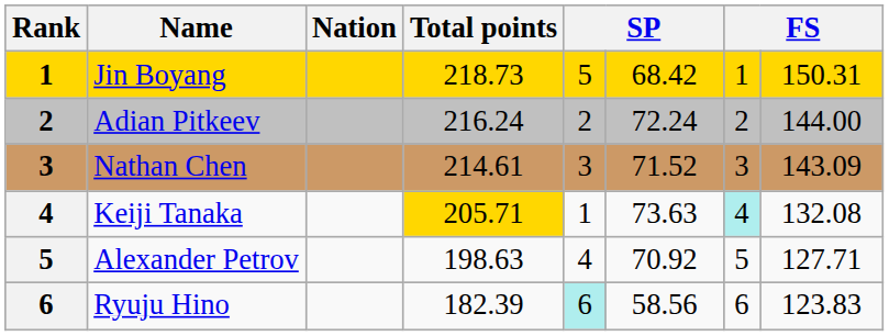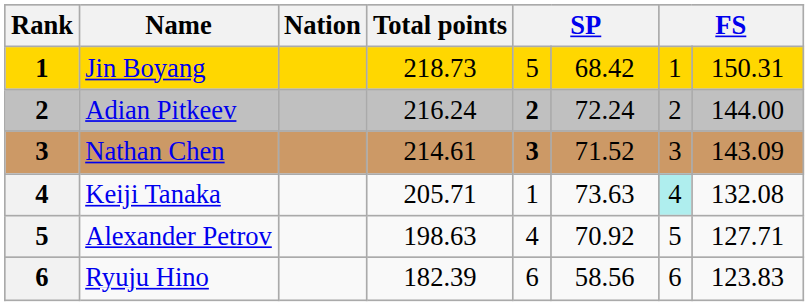 <table class="wikitable sortable">
 <tr>
 <th>Rank</th>
 <th>Name</th>
 <th>Nation</th>
 <th>Total points</th>
 <th colspan="2" width="80px"><a href='#'>SP</a></th>
 <th colspan="2" width="80px"><a href='#'>FS</a></th>
 </tr>
 <tr bgcolor="gold">
 <td align="center"><strong>1</strong></td>
 <td><a href='#'>Jin Boyang</a></td>
 <td></td>
 <td align="center">218.73</td>
 <td align="center">5</td>
 <td align="center">68.42</td>
 <td align="center">1</td>
 <td align="center">150.31</td>
 </tr>
 <tr bgcolor="silver">
 <td align="center"><strong>2</strong></td>
 <td><a href='#'>Adian Pitkeev</a></td>
 <td></td>
 <td align="center">216.24</td>
-<td align="center">2</td>
+<td align="center"><strong>2</strong></td>
 <td align="center">72.24</td>
 <td align="center">2</td>
 <td align="center">144.00</td>
 </tr>
 <tr bgcolor="cc9966">
 <td align="center"><strong>3</strong></td>
 <td><a href='#'>Nathan Chen</a></td>
 <td></td>
 <td align="center">214.61</td>
-<td align="center">3</td>
+<td align="center"><strong>3</strong></td>
 <td align="center">71.52</td>
 <td align="center">3</td>
 <td align="center">143.09</td>
 </tr>
 <tr>
 <th>4</th>
 <td><a href='#'>Keiji Tanaka</a></td>
 <td></td>
-<td align="center" style="background: gold;">205.71</td>
+<td align="center">205.71</td>
 <td align="center">1</td>
 <td align="center">73.63</td>
 <td align="center" style="background: paleturquoise;">4</td>
 <td align="center">132.08</td>
 </tr>
 <tr>
 <th>5</th>
 <td><a href='#'>Alexander Petrov</a></td>
 <td></td>
 <td align="center">198.63</td>
 <td align="center">4</td>
 <td align="center">70.92</td>
 <td align="center">5</td>
 <td align="center">127.71</td>
 </tr>
 <tr>
 <th>6</th>
 <td><a href='#'>Ryuju Hino</a></td>
 <td></td>
 <td align="center">182.39</td>
-<td align="center" style="background: paleturquoise;">6</td>
+<td align="center">6</td>
 <td align="center">58.56</td>
 <td align="center">6</td>
 <td align="center">123.83</td>
 </tr>
 </table>
